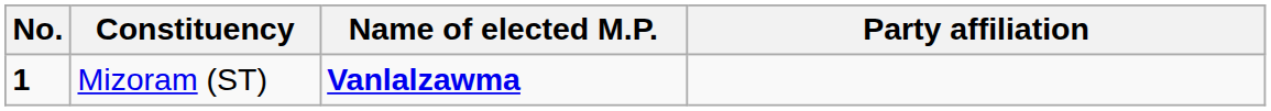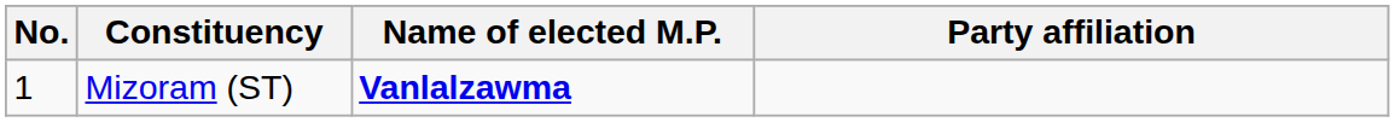 <table class="wikitable">
 <tr style="background:#ccc; text-align:center;">
 <th>No.</th>
 <th style="width:120px">Constituency</th>
 <th style="width:180px">Name of elected M.P.</th>
 <th colspan="2" style="width:18em">Party affiliation</th>
 </tr>
 <tr>
-<td><strong>1</strong></td>
+<td>1</td>
 <td><a href='#'>Mizoram</a> (ST)</td>
 <td><strong><a href='#'>Vanlalzawma</a></strong></td>
 <td></td>
 </tr>
 </table>
